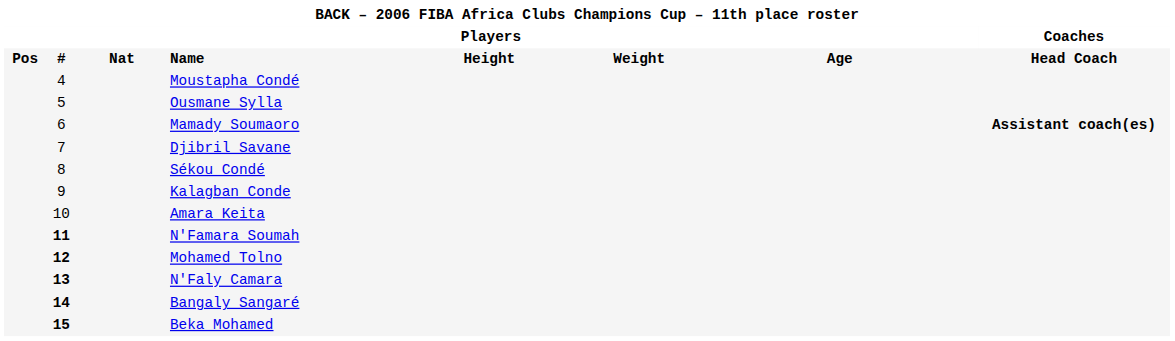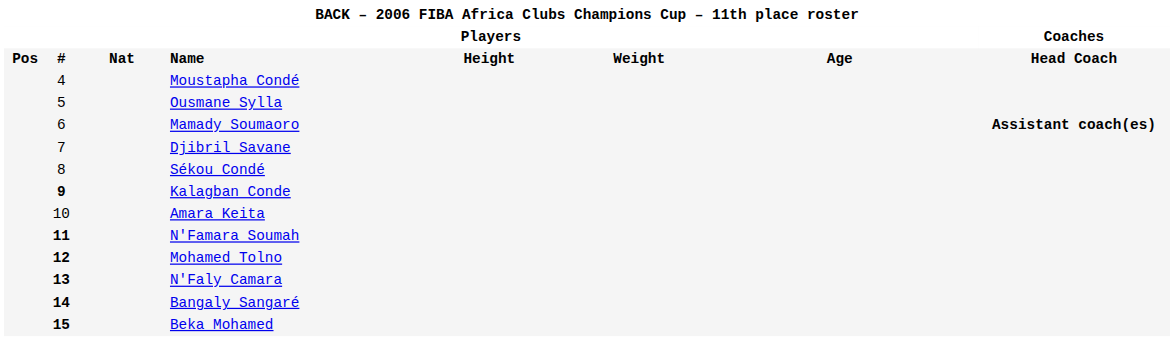 <table border=0 cellpadding=2 cellspacing=0  |- bgcolor=#f5f5f5 style="text-align:center; font-size:90%;" width=75%>
 <tr>
 <td colspan="8" style="background: white; color: black"><strong>BACK – 2006 FIBA Africa Clubs Champions Cup – 11th place roster</strong></td>
 </tr>
 <tr>
 <td colspan="7" style="background: white; color: black"><strong>Players</strong></td>
 <td style="background: white; color: black"><strong>Coaches</strong></td>
 </tr>
 <tr style="background=#f5f5f5; color: black">
 <th width=5px>Pos</th>
 <th width=5px>#</th>
 <th width=50px>Nat</th>
 <th width=135px align=left>Name</th>
 <th width=100px>Height</th>
 <th width=70px>Weight</th>
 <th width=160px>Age</th>
 <th width=110px>Head Coach</th>
 </tr>
 <tr>
 <td></td>
 <td>4</td>
 <td></td>
 <td align=left><a href='#'>Moustapha Condé</a></td>
 <td></td>
 <td></td>
 <td><span></span></td>
 <td></td>
 </tr>
 <tr>
 <td></td>
 <td>5</td>
 <td></td>
 <td align=left><a href='#'>Ousmane Sylla</a></td>
 <td></td>
 <td></td>
 <td><span></span></td>
 <td></td>
 </tr>
 <tr>
 <td></td>
 <td>6</td>
 <td></td>
 <td align=left><a href='#'>Mamady Soumaoro</a></td>
 <td></td>
 <td></td>
 <td><span></span></td>
 <td><strong>Assistant coach(es)</strong></td>
 </tr>
 <tr>
 <td></td>
 <td>7</td>
 <td></td>
 <td align=left><a href='#'>Djibril Savane</a></td>
 <td></td>
 <td></td>
 <td><span></span></td>
 <td></td>
 </tr>
 <tr>
 <td></td>
 <td>8</td>
 <td></td>
 <td align=left><a href='#'>Sékou Condé</a></td>
 <td></td>
 <td></td>
 <td><span></span></td>
 <td></td>
 </tr>
 <tr>
 <td></td>
-<td>9</td>
+<td><strong>9</strong></td>
 <td></td>
 <td align=left><a href='#'>Kalagban Conde</a></td>
 <td></td>
 <td></td>
 <td><span></span></td>
 <td></td>
 </tr>
 <tr>
 <td></td>
 <td>10</td>
 <td></td>
 <td align=left><a href='#'>Amara Keita</a></td>
 <td></td>
 <td></td>
 <td><span></span></td>
 <td></td>
 </tr>
 <tr>
 <td></td>
 <td><strong>11</strong></td>
 <td></td>
 <td align=left><a href='#'>N'Famara Soumah</a></td>
 <td></td>
 <td></td>
 <td><span></span></td>
 <td></td>
 </tr>
 <tr>
 <td></td>
 <td><strong>12</strong></td>
 <td></td>
 <td align=left><a href='#'>Mohamed Tolno</a></td>
 <td></td>
 <td></td>
 <td><span></span></td>
 <td></td>
 </tr>
 <tr>
 <td></td>
 <td><strong>13</strong></td>
 <td></td>
 <td align=left><a href='#'>N'Faly Camara</a></td>
 <td></td>
 <td></td>
 <td><span></span></td>
 <td></td>
 </tr>
 <tr>
 <td></td>
 <td><strong>14</strong></td>
 <td></td>
 <td align=left><a href='#'>Bangaly Sangaré</a></td>
 <td></td>
 <td></td>
 <td><span></span></td>
 <td></td>
 </tr>
 <tr>
 <td></td>
 <td><strong>15</strong></td>
 <td></td>
 <td align=left><a href='#'>Beka Mohamed</a></td>
 <td></td>
 <td></td>
 <td><span></span></td>
 <td></td>
 </tr>
 </table>
